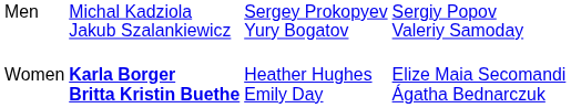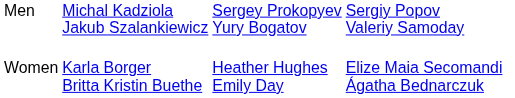 <table>
 <tr>
 <td>Men</td>
 <td><br><a href='#'>Michal Kadziola</a> <br><a href='#'>Jakub Szalankiewicz</a></td>
 <td><br><a href='#'>Sergey Prokopyev</a> <br><a href='#'>Yury Bogatov</a></td>
 <td><br><a href='#'>Sergiy Popov</a> <br><a href='#'>Valeriy Samoday</a></td>
 </tr>
 <tr>
 <td>Women</td>
-<td><strong><br><a href='#'>Karla Borger</a> <br><a href='#'>Britta Kristin Buethe</a></strong></td>
+<td><br><a href='#'>Karla Borger</a> <br><a href='#'>Britta Kristin Buethe</a></td>
 <td><br><a href='#'>Heather Hughes</a> <br><a href='#'>Emily Day</a></td>
 <td><br><a href='#'>Elize Maia Secomandi</a> <br><a href='#'>Ágatha Bednarczuk</a></td>
 </tr>
 </table>
